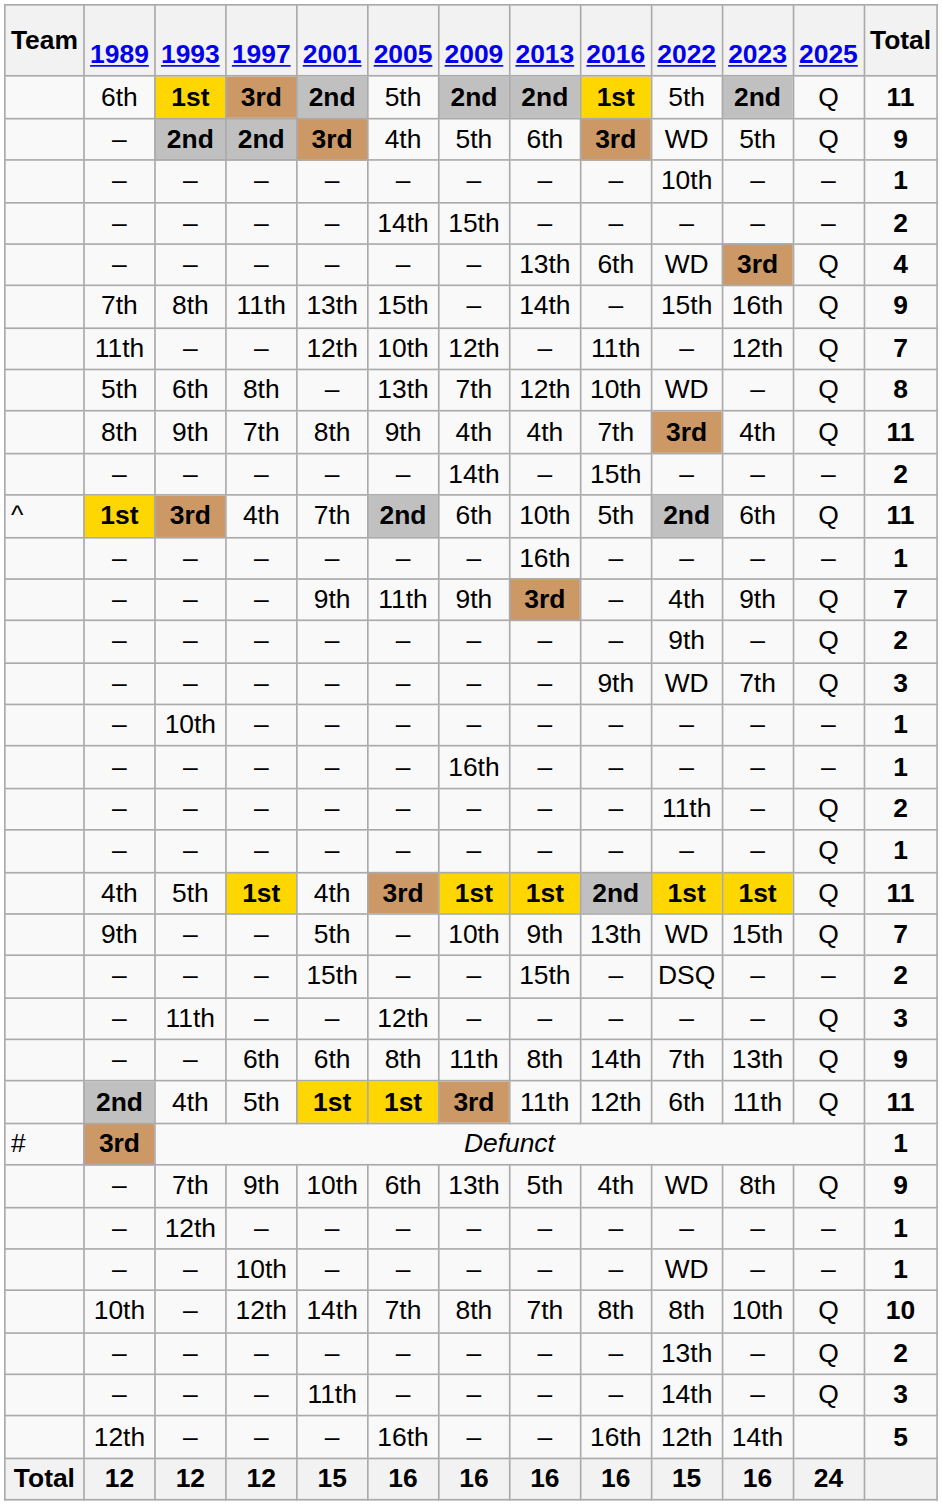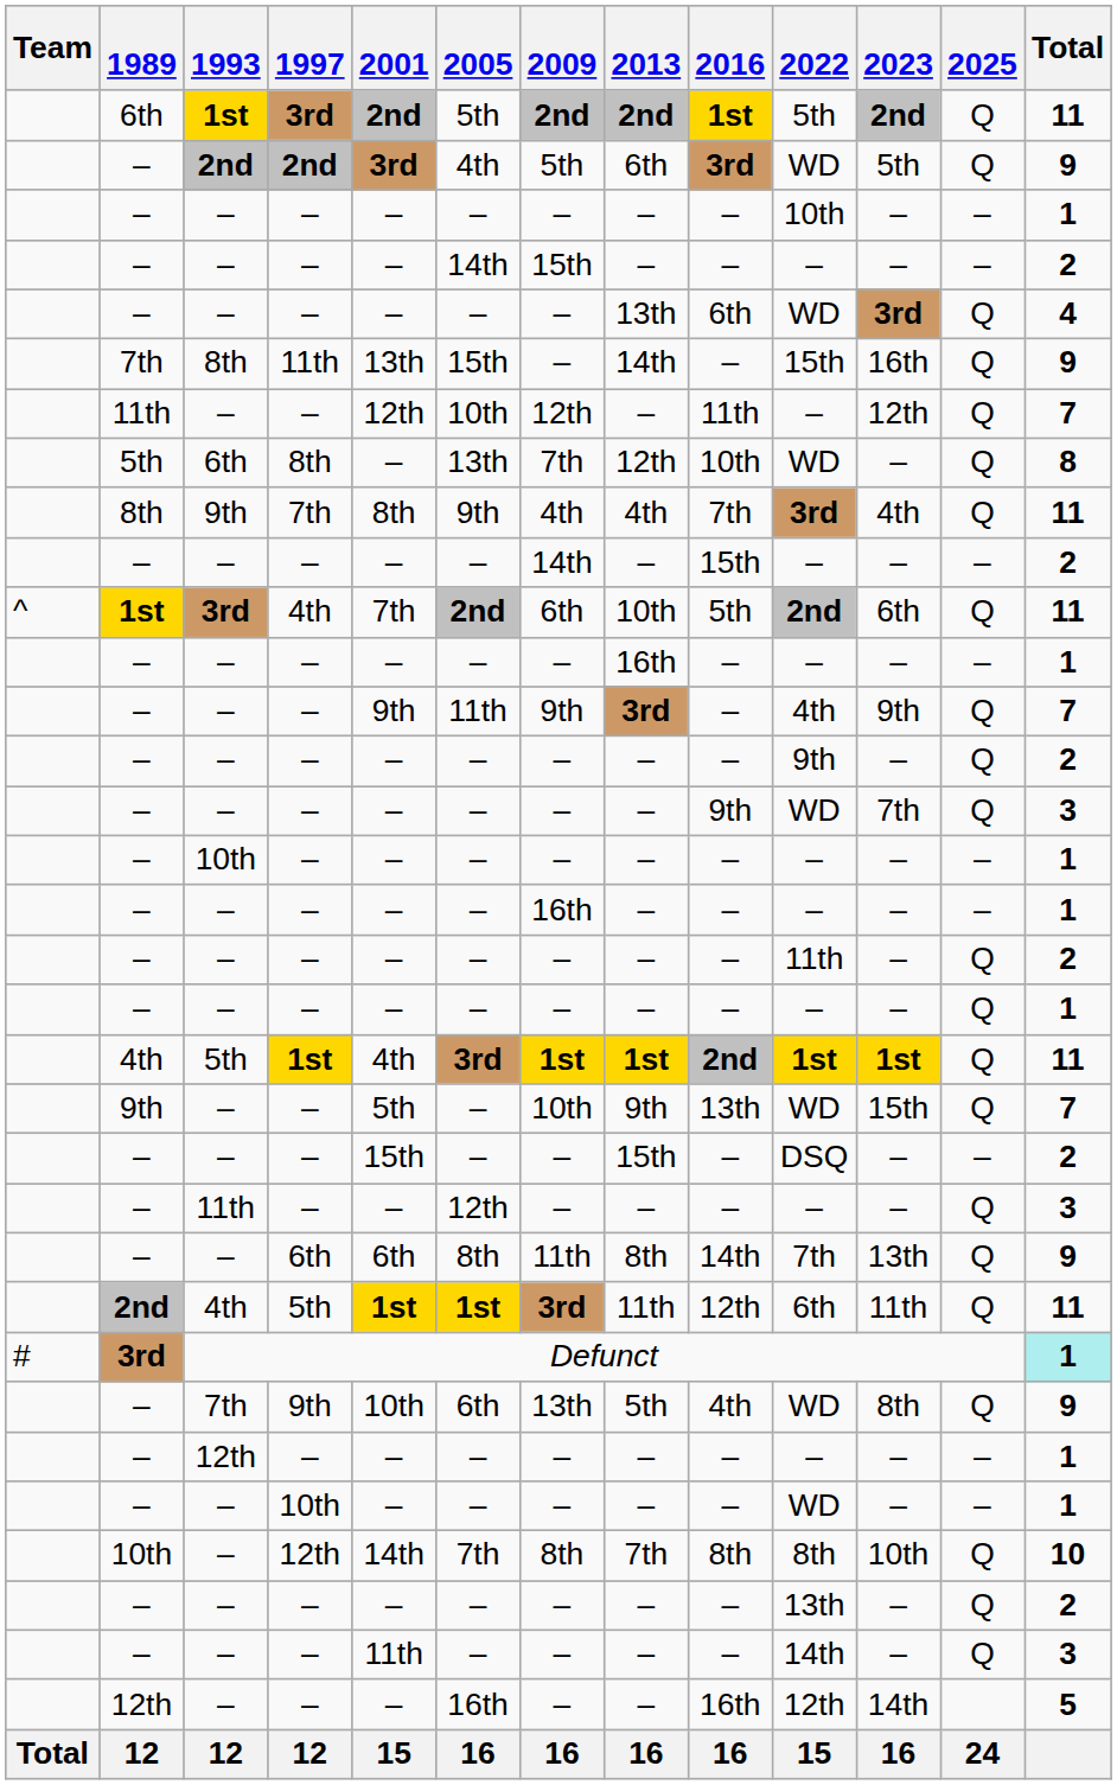 <table class=wikitable style="text-align:center">
 <tr>
 <th>Team</th>
 <th><br><a href='#'>1989</a></th>
 <th><br><a href='#'>1993</a></th>
 <th><br><a href='#'>1997</a></th>
 <th><br><a href='#'>2001</a></th>
 <th><br><a href='#'>2005</a></th>
 <th><br><a href='#'>2009</a></th>
 <th><br><a href='#'>2013</a></th>
 <th><br><a href='#'>2016</a></th>
 <th><br><a href='#'>2022</a></th>
 <th><br><a href='#'>2023</a></th>
 <th><br><a href='#'>2025</a></th>
 <th>Total</th>
 </tr>
 <tr>
 <td align=left></td>
 <td>6th</td>
 <td bgcolor=gold><strong>1st</strong></td>
 <td bgcolor=#cc9966><strong>3rd</strong></td>
 <td bgcolor=silver><strong>2nd</strong></td>
 <td>5th</td>
 <td bgcolor=silver><strong>2nd</strong></td>
 <td bgcolor=silver><strong>2nd</strong></td>
 <td bgcolor=gold><strong>1st</strong></td>
 <td>5th</td>
 <td bgcolor=silver><strong>2nd</strong></td>
 <td>Q</td>
 <td><strong>11</strong></td>
 </tr>
 <tr>
 <td align=left></td>
 <td>–</td>
 <td bgcolor=silver><strong>2nd</strong></td>
 <td bgcolor=silver><strong>2nd</strong></td>
 <td bgcolor=#cc9966><strong>3rd</strong></td>
 <td>4th</td>
 <td>5th</td>
 <td>6th</td>
 <td bgcolor=#cc9966><strong>3rd</strong></td>
 <td>WD</td>
 <td>5th</td>
 <td>Q</td>
 <td><strong>9</strong></td>
 </tr>
 <tr>
 <td align=left></td>
 <td>–</td>
 <td>–</td>
 <td>–</td>
 <td>–</td>
 <td>–</td>
 <td>–</td>
 <td>–</td>
 <td>–</td>
 <td>10th</td>
 <td>–</td>
 <td>–</td>
 <td><strong>1</strong></td>
 </tr>
 <tr>
 <td align=left></td>
 <td>–</td>
 <td>–</td>
 <td>–</td>
 <td>–</td>
 <td>14th</td>
 <td>15th</td>
 <td>–</td>
 <td>–</td>
 <td>–</td>
 <td>–</td>
 <td>–</td>
 <td><strong>2</strong></td>
 </tr>
 <tr>
 <td align=left></td>
 <td>–</td>
 <td>–</td>
 <td>–</td>
 <td>–</td>
 <td>–</td>
 <td>–</td>
 <td>13th</td>
 <td>6th</td>
 <td>WD</td>
 <td bgcolor=cc9966><strong>3rd</strong></td>
 <td>Q</td>
 <td><strong>4</strong></td>
 </tr>
 <tr>
 <td align=left></td>
 <td>7th</td>
 <td>8th</td>
 <td>11th</td>
 <td>13th</td>
 <td>15th</td>
 <td>–</td>
 <td>14th</td>
 <td>–</td>
 <td>15th</td>
 <td>16th</td>
 <td>Q</td>
 <td><strong>9</strong></td>
 </tr>
 <tr>
 <td align=left></td>
 <td>11th</td>
 <td>–</td>
 <td>–</td>
 <td>12th</td>
 <td>10th</td>
 <td>12th</td>
 <td>–</td>
 <td>11th</td>
 <td>–</td>
 <td>12th</td>
 <td>Q</td>
 <td><strong>7</strong></td>
 </tr>
 <tr>
 <td align=left></td>
 <td>5th</td>
 <td>6th</td>
 <td>8th</td>
 <td>–</td>
 <td>13th</td>
 <td>7th</td>
 <td>12th</td>
 <td>10th</td>
 <td>WD</td>
 <td>–</td>
 <td>Q</td>
 <td><strong>8</strong></td>
 </tr>
 <tr>
 <td align=left></td>
 <td>8th</td>
 <td>9th</td>
 <td>7th</td>
 <td>8th</td>
 <td>9th</td>
 <td>4th</td>
 <td>4th</td>
 <td>7th</td>
 <td bgcolor=#cc9966><strong>3rd</strong></td>
 <td>4th</td>
 <td>Q</td>
 <td><strong>11</strong></td>
 </tr>
 <tr>
 <td align=left></td>
 <td>–</td>
 <td>–</td>
 <td>–</td>
 <td>–</td>
 <td>–</td>
 <td>14th</td>
 <td>–</td>
 <td>15th</td>
 <td>–</td>
 <td>–</td>
 <td>–</td>
 <td><strong>2</strong></td>
 </tr>
 <tr>
 <td align=left>^</td>
 <td bgcolor=gold><strong>1st</strong></td>
 <td bgcolor=#cc9966><strong>3rd</strong></td>
 <td>4th</td>
 <td>7th</td>
 <td bgcolor=silver><strong>2nd</strong></td>
 <td>6th</td>
 <td>10th</td>
 <td>5th</td>
 <td bgcolor=silver><strong>2nd</strong></td>
 <td>6th</td>
 <td>Q</td>
 <td><strong>11</strong></td>
 </tr>
 <tr>
 <td align=left></td>
 <td>–</td>
 <td>–</td>
 <td>–</td>
 <td>–</td>
 <td>–</td>
 <td>–</td>
 <td>16th</td>
 <td>–</td>
 <td>–</td>
 <td>–</td>
 <td>–</td>
 <td><strong>1</strong></td>
 </tr>
 <tr>
 <td align=left></td>
 <td>–</td>
 <td>–</td>
 <td>–</td>
 <td>9th</td>
 <td>11th</td>
 <td>9th</td>
 <td bgcolor=#cc9966><strong>3rd</strong></td>
 <td>–</td>
 <td>4th</td>
 <td>9th</td>
 <td>Q</td>
 <td><strong>7</strong></td>
 </tr>
 <tr>
 <td align=left></td>
 <td>–</td>
 <td>–</td>
 <td>–</td>
 <td>–</td>
 <td>–</td>
 <td>–</td>
 <td>–</td>
 <td>–</td>
 <td>9th</td>
 <td>–</td>
 <td>Q</td>
 <td><strong>2</strong></td>
 </tr>
 <tr>
 <td align=left></td>
 <td>–</td>
 <td>–</td>
 <td>–</td>
 <td>–</td>
 <td>–</td>
 <td>–</td>
 <td>–</td>
 <td>9th</td>
 <td>WD</td>
 <td>7th</td>
 <td>Q</td>
 <td><strong>3</strong></td>
 </tr>
 <tr>
 <td align=left></td>
 <td>–</td>
 <td>10th</td>
 <td>–</td>
 <td>–</td>
 <td>–</td>
 <td>–</td>
 <td>–</td>
 <td>–</td>
 <td>–</td>
 <td>–</td>
 <td>–</td>
 <td><strong>1</strong></td>
 </tr>
 <tr>
 <td align=left></td>
 <td>–</td>
 <td>–</td>
 <td>–</td>
 <td>–</td>
 <td>–</td>
 <td>16th</td>
 <td>–</td>
 <td>–</td>
 <td>–</td>
 <td>–</td>
 <td>–</td>
 <td><strong>1</strong></td>
 </tr>
 <tr>
 <td align=left></td>
 <td>–</td>
 <td>–</td>
 <td>–</td>
 <td>–</td>
 <td>–</td>
 <td>–</td>
 <td>–</td>
 <td>–</td>
 <td>11th</td>
 <td>–</td>
 <td>Q</td>
 <td><strong>2</strong></td>
 </tr>
 <tr>
 <td align=left></td>
 <td>–</td>
 <td>–</td>
 <td>–</td>
 <td>–</td>
 <td>–</td>
 <td>–</td>
 <td>–</td>
 <td>–</td>
 <td>–</td>
 <td>–</td>
 <td>Q</td>
 <td><strong>1</strong></td>
 </tr>
 <tr>
 <td align=left></td>
 <td>4th</td>
 <td>5th</td>
 <td bgcolor=gold><strong>1st</strong></td>
 <td>4th</td>
 <td bgcolor=#cc9966><strong>3rd</strong></td>
 <td bgcolor=gold><strong>1st</strong></td>
 <td bgcolor=gold><strong>1st</strong></td>
 <td bgcolor=silver><strong>2nd</strong></td>
 <td bgcolor=gold><strong>1st</strong></td>
 <td bgcolor=gold><strong>1st</strong></td>
 <td>Q</td>
 <td><strong>11</strong></td>
 </tr>
 <tr>
 <td align=left></td>
 <td>9th</td>
 <td>–</td>
 <td>–</td>
 <td>5th</td>
 <td>–</td>
 <td>10th</td>
 <td>9th</td>
 <td>13th</td>
 <td>WD</td>
 <td>15th</td>
 <td>Q</td>
 <td><strong>7</strong></td>
 </tr>
 <tr>
 <td align=left></td>
 <td>–</td>
 <td>–</td>
 <td>–</td>
 <td>15th</td>
 <td>–</td>
 <td>–</td>
 <td>15th</td>
 <td>–</td>
 <td>DSQ</td>
 <td>–</td>
 <td>–</td>
 <td><strong>2</strong></td>
 </tr>
 <tr>
 <td align=left></td>
 <td>–</td>
 <td>11th</td>
 <td>–</td>
 <td>–</td>
 <td>12th</td>
 <td>–</td>
 <td>–</td>
 <td>–</td>
 <td>–</td>
 <td>–</td>
 <td>Q</td>
 <td><strong>3</strong></td>
 </tr>
 <tr>
 <td align=left></td>
 <td>–</td>
 <td>–</td>
 <td>6th</td>
 <td>6th</td>
 <td>8th</td>
 <td>11th</td>
 <td>8th</td>
 <td>14th</td>
 <td>7th</td>
 <td>13th</td>
 <td>Q</td>
 <td><strong>9</strong></td>
 </tr>
 <tr>
 <td align=left></td>
 <td bgcolor=silver><strong>2nd</strong></td>
 <td>4th</td>
 <td>5th</td>
 <td bgcolor=gold><strong>1st</strong></td>
 <td bgcolor=gold><strong>1st</strong></td>
 <td bgcolor=#cc9966><strong>3rd</strong></td>
 <td>11th</td>
 <td>12th</td>
 <td>6th</td>
 <td>11th</td>
 <td>Q</td>
 <td><strong>11</strong></td>
 </tr>
 <tr>
 <td align=left>#</td>
 <td bgcolor=#cc9966><strong>3rd</strong></td>
 <td colspan="10"><em>Defunct</em></td>
-<td><strong>1</strong></td>
+<td style="background: paleturquoise;"><strong>1</strong></td>
 </tr>
 <tr>
 <td align=left></td>
 <td>–</td>
 <td>7th</td>
 <td>9th</td>
 <td>10th</td>
 <td>6th</td>
 <td>13th</td>
 <td>5th</td>
 <td>4th</td>
 <td>WD</td>
 <td>8th</td>
 <td>Q</td>
 <td><strong>9</strong></td>
 </tr>
 <tr>
 <td align=left></td>
 <td>–</td>
 <td>12th</td>
 <td>–</td>
 <td>–</td>
 <td>–</td>
 <td>–</td>
 <td>–</td>
 <td>–</td>
 <td>–</td>
 <td>–</td>
 <td>–</td>
 <td><strong>1</strong></td>
 </tr>
 <tr>
 <td align=left></td>
 <td>–</td>
 <td>–</td>
 <td>10th</td>
 <td>–</td>
 <td>–</td>
 <td>–</td>
 <td>–</td>
 <td>–</td>
 <td>WD</td>
 <td>–</td>
 <td>–</td>
 <td><strong>1</strong></td>
 </tr>
 <tr>
 <td align=left></td>
 <td>10th</td>
 <td>–</td>
 <td>12th</td>
 <td>14th</td>
 <td>7th</td>
 <td>8th</td>
 <td>7th</td>
 <td>8th</td>
 <td>8th</td>
 <td>10th</td>
 <td>Q</td>
 <td><strong>10</strong></td>
 </tr>
 <tr>
 <td align=left></td>
 <td>–</td>
 <td>–</td>
 <td>–</td>
 <td>–</td>
 <td>–</td>
 <td>–</td>
 <td>–</td>
 <td>–</td>
 <td>13th</td>
 <td>–</td>
 <td>Q</td>
 <td><strong>2</strong></td>
 </tr>
 <tr>
 <td align=left></td>
 <td>–</td>
 <td>–</td>
 <td>–</td>
 <td>11th</td>
 <td>–</td>
 <td>–</td>
 <td>–</td>
 <td>–</td>
 <td>14th</td>
 <td>–</td>
 <td>Q</td>
 <td><strong>3</strong></td>
 </tr>
 <tr>
 <td align=left></td>
 <td>12th</td>
 <td>–</td>
 <td>–</td>
 <td>–</td>
 <td>16th</td>
 <td>–</td>
 <td>–</td>
 <td>16th</td>
 <td>12th</td>
 <td>14th</td>
 <td></td>
 <td><strong>5</strong></td>
 </tr>
 <tr>
 <th>Total</th>
 <th>12</th>
 <th>12</th>
 <th>12</th>
 <th>15</th>
 <th>16</th>
 <th>16</th>
 <th>16</th>
 <th>16</th>
 <th>15</th>
 <th>16</th>
 <th>24</th>
 <th></th>
 </tr>
 </table>
